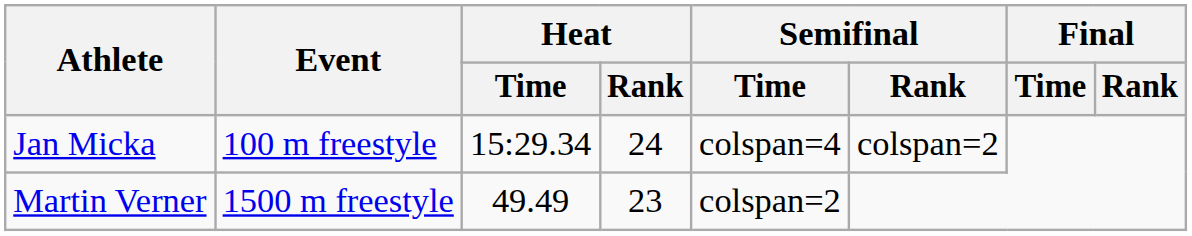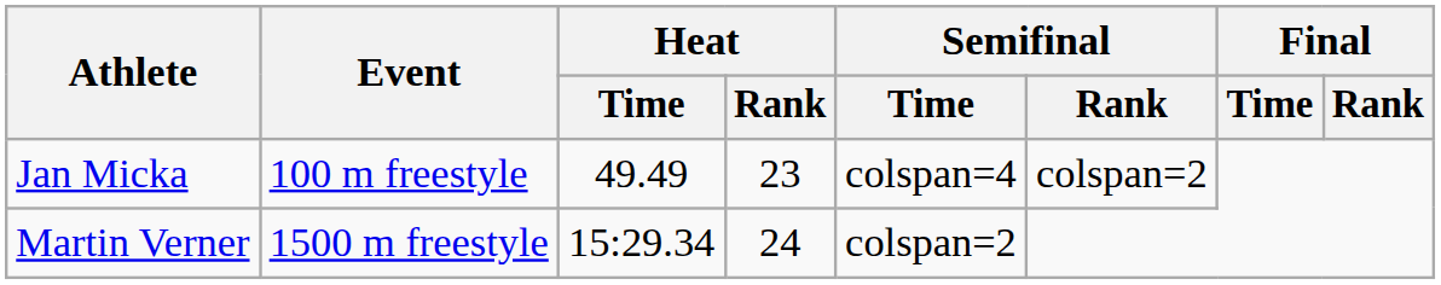 <table class=wikitable style="font-size:90%">
 <tr>
 <th rowspan="2">Athlete</th>
 <th rowspan="2">Event</th>
 <th colspan="2">Heat</th>
 <th colspan="2">Semifinal</th>
 <th colspan="2">Final</th>
 </tr>
 <tr style="font-size:95%">
 <th>Time</th>
 <th>Rank</th>
 <th>Time</th>
 <th>Rank</th>
 <th>Time</th>
 <th>Rank</th>
 </tr>
 <tr align=center>
 <td align=left><a href='#'>Jan Micka</a></td>
 <td align=left><a href='#'>100 m freestyle</a></td>
-<td>15:29.34</td>
-<td>24</td>
+<td>49.49</td>
+<td>23</td>
 <td>colspan=4 </td>
 <td>colspan=2 </td>
 </tr>
 <tr align=center>
 <td align=left><a href='#'>Martin Verner</a></td>
 <td align=left><a href='#'>1500 m freestyle</a></td>
-<td>49.49</td>
-<td>23</td>
+<td>15:29.34</td>
+<td>24</td>
 <td>colspan=2 </td>
 </tr>
 </table>
